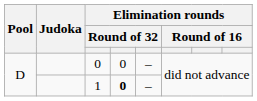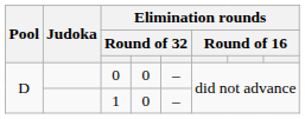 <table class="wikitable" style="text-align:center">
 <tr>
 <th rowspan="3">Pool</th>
 <th rowspan="3">Judoka</th>
 <th colspan="6">Elimination rounds</th>
 </tr>
 <tr>
 <th colspan="3">Round of 32</th>
 <th colspan="3">Round of 16</th>
 </tr>
 <tr>
 <th></th>
 <th></th>
 <th></th>
 <th></th>
 <th></th>
 <th></th>
 </tr>
 <tr>
 <td rowspan="2">D</td>
 <td></td>
 <td>0</td>
 <td>0</td>
 <td>–</td>
 <td rowspan="2"; colspan="3">did not advance</td>
 </tr>
 <tr>
 <td></td>
 <td>1</td>
-<td><strong>0</strong></td>
+<td>0</td>
 <td>–</td>
 </tr>
 </table>
